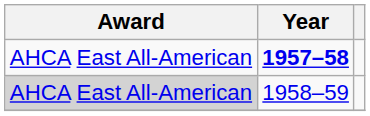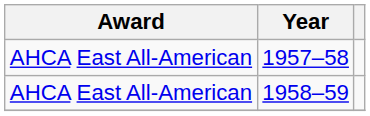 <table class="wikitable">
 <tr>
 <th>Award</th>
 <th>Year</th>
 <th></th>
 </tr>
 <tr>
 <td><a href='#'>AHCA</a> <a href='#'>East All-American</a></td>
-<td><strong><a href='#'>1957–58</a></strong></td>
+<td><a href='#'>1957–58</a></td>
 <td></td>
 </tr>
 <tr>
-<td style="background: lightgrey;"><a href='#'>AHCA</a> <a href='#'>East All-American</a></td>
+<td><a href='#'>AHCA</a> <a href='#'>East All-American</a></td>
 <td><a href='#'>1958–59</a></td>
 <td></td>
 </tr>
 <tr>
 </tr>
 </table>
